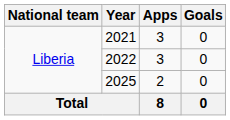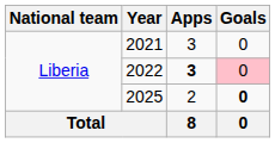 <table class="wikitable" style="text-align:center">
 <tr>
 <th>National team</th>
 <th>Year</th>
 <th>Apps</th>
 <th>Goals</th>
 </tr>
 <tr>
 <td rowspan="3"><a href='#'>Liberia</a></td>
 <td>2021</td>
 <td>3</td>
 <td>0</td>
 </tr>
 <tr>
 <td>2022</td>
-<td>3</td>
-<td>0</td>
+<td><strong>3</strong></td>
+<td style="background: pink;">0</td>
 </tr>
 <tr>
 <td>2025</td>
 <td>2</td>
-<td>0</td>
+<td><strong>0</strong></td>
 </tr>
 <tr>
 <th colspan="2">Total</th>
 <th>8</th>
 <th>0</th>
 </tr>
 </table>
